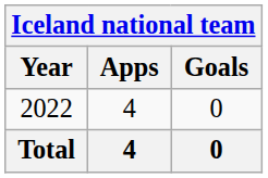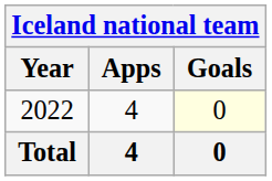 <table class="wikitable" style="text-align:center">
 <tr>
 <th colspan=3><a href='#'>Iceland national team</a></th>
 </tr>
 <tr>
 <th>Year</th>
 <th>Apps</th>
 <th>Goals</th>
 </tr>
 <tr>
 <td>2022</td>
 <td>4</td>
-<td>0</td>
+<td style="background: lightyellow;">0</td>
 </tr>
 <tr>
 <th>Total</th>
 <th>4</th>
 <th>0</th>
 </tr>
 </table>
